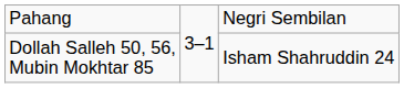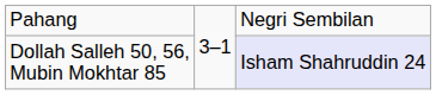 <table class="wikitable">
 <tr>
 <td>Pahang</td>
 <td rowspan="2">3–1</td>
 <td>Negri Sembilan</td>
 </tr>
 <tr>
 <td>Dollah Salleh 50, 56,<br>Mubin Mokhtar 85</td>
-<td>Isham Shahruddin 24</td>
+<td style="background: lavender;">Isham Shahruddin 24</td>
 </tr>
 </table>
